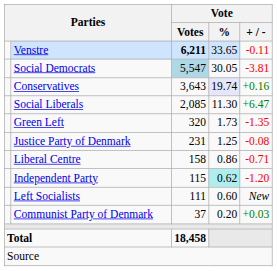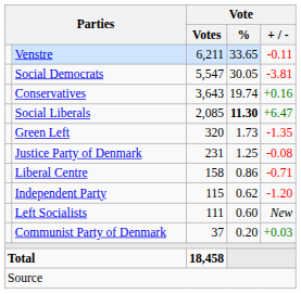 <table class="wikitable" style="text-align:right;">
 <tr>
 <th style="text-align:centre;" rowspan="2" colspan="2" width="225">Parties</th>
 <th colspan="3">Vote</th>
 </tr>
 <tr>
 <th width="15">Votes</th>
 <th width="15">%</th>
 <th width="15">+ / -</th>
 </tr>
 <tr>
 <td width="2" style="color:inherit;background:"></td>
 <td bgcolor=#cfe5fe  align="left"><a href='#'>Venstre</a></td>
-<td bgcolor=#cfe5fe><strong>6,211</strong></td>
+<td bgcolor=#cfe5fe>6,211</td>
 <td bgcolor=#cfe5fe>33.65</td>
 <td style=color:red;>-0.11</td>
 </tr>
 <tr>
 <td width="2" style="color:inherit;background:"></td>
 <td align="left"><a href='#'>Social Democrats</a></td>
-<td style="background: lightblue;">5,547</td>
+<td>5,547</td>
 <td>30.05</td>
 <td style=color:red;>-3.81</td>
 </tr>
 <tr>
 <td width="2" style="color:inherit;background:"></td>
 <td align="left"><a href='#'>Conservatives</a></td>
 <td>3,643</td>
-<td style="background: lavender;">19.74</td>
+<td>19.74</td>
 <td style=color:green;>+0.16</td>
 </tr>
 <tr>
 <td width="2" style="color:inherit;background:"></td>
 <td align="left"><a href='#'>Social Liberals</a></td>
 <td>2,085</td>
-<td>11.30</td>
+<td><strong>11.30</strong></td>
 <td style=color:green;>+6.47</td>
 </tr>
 <tr>
 <td width="2" style="color:inherit;background:"></td>
 <td align="left"><a href='#'>Green Left</a></td>
 <td>320</td>
 <td>1.73</td>
 <td style=color:red;>-1.35</td>
 </tr>
 <tr>
 <td width="2" style="color:inherit;background:"></td>
 <td align="left"><a href='#'>Justice Party of Denmark</a></td>
 <td>231</td>
 <td>1.25</td>
 <td style=color:red;>-0.08</td>
 </tr>
 <tr>
 <td width="2" style="color:inherit;background:"></td>
 <td align="left"><a href='#'>Liberal Centre</a></td>
 <td>158</td>
 <td>0.86</td>
 <td style=color:red;>-0.71</td>
 </tr>
 <tr>
 <td width="2" style="color:inherit;background:"></td>
 <td align="left"><a href='#'>Independent Party</a></td>
 <td>115</td>
-<td style="background: paleturquoise;">0.62</td>
+<td>0.62</td>
 <td style=color:red;>-1.20</td>
 </tr>
 <tr>
 <td width="2" style="color:inherit;background:"></td>
 <td align="left"><a href='#'>Left Socialists</a></td>
 <td>111</td>
 <td>0.60</td>
 <td><em>New</em></td>
 </tr>
 <tr>
 <td width="2" style="color:inherit;background:"></td>
 <td align="left"><a href='#'>Communist Party of Denmark</a></td>
 <td>37</td>
 <td>0.20</td>
 <td style=color:green;>+0.03</td>
 </tr>
 <tr>
 <td colspan="7" bgcolor="#E9E9E9"></td>
 </tr>
 <tr>
 <td align="left" colspan="2"><strong>Total</strong></td>
 <td><strong>18,458</strong></td>
 <td bgcolor="#E9E9E9" colspan="2"></td>
 </tr>
 <tr>
 <td align="left" colspan="6">Source</td>
 </tr>
 </table>
